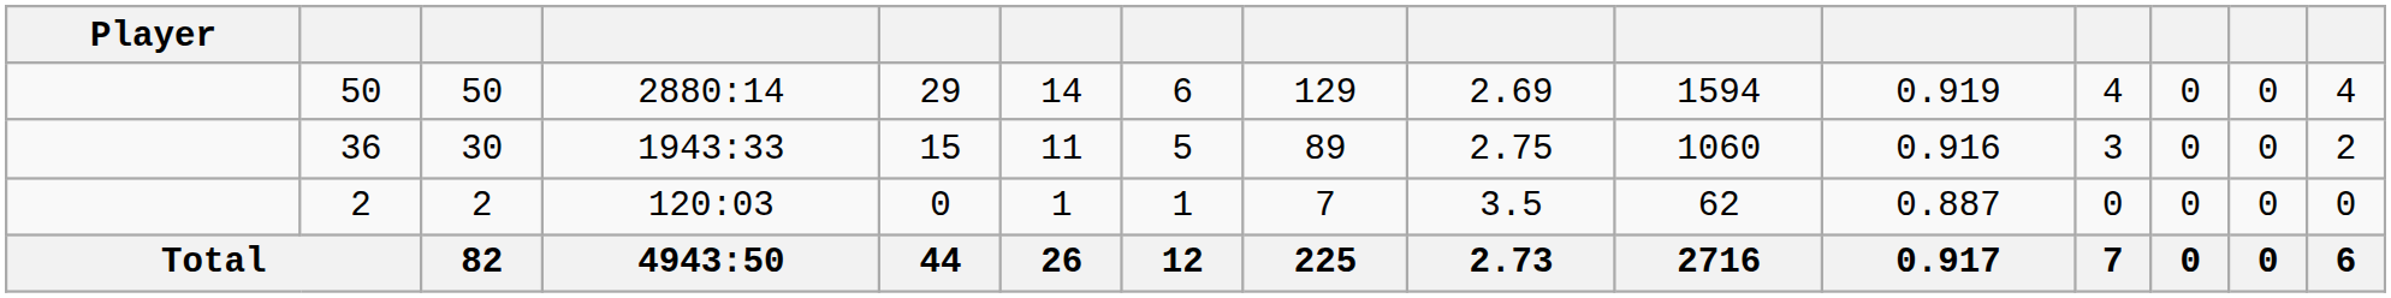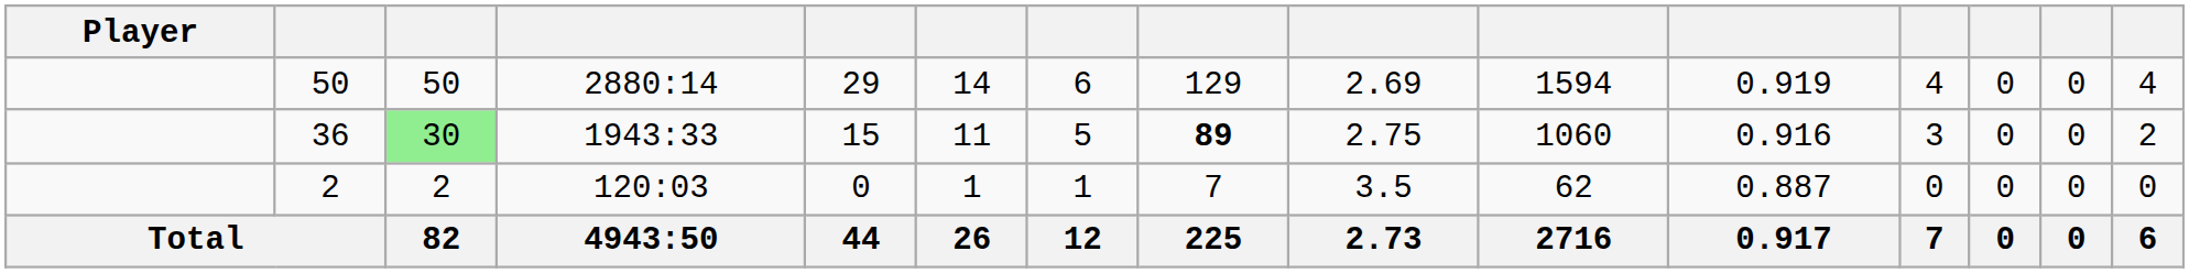 <table class="wikitable sortable" style="width:100%; text-align:center;">
 <tr>
 <th>Player</th>
 <th></th>
 <th></th>
 <th></th>
 <th></th>
 <th></th>
 <th></th>
 <th></th>
 <th></th>
 <th></th>
 <th></th>
 <th></th>
 <th></th>
 <th></th>
 <th></th>
 </tr>
 <tr>
 <td></td>
 <td>50</td>
 <td>50</td>
 <td>2880:14</td>
 <td>29</td>
 <td>14</td>
 <td>6</td>
 <td>129</td>
 <td>2.69</td>
 <td>1594</td>
 <td>0.919</td>
 <td>4</td>
 <td>0</td>
 <td>0</td>
 <td>4</td>
 </tr>
 <tr>
 <td></td>
 <td>36</td>
-<td>30</td>
+<td style="background: lightgreen;">30</td>
 <td>1943:33</td>
 <td>15</td>
 <td>11</td>
 <td>5</td>
-<td>89</td>
+<td><strong>89</strong></td>
 <td>2.75</td>
 <td>1060</td>
 <td>0.916</td>
 <td>3</td>
 <td>0</td>
 <td>0</td>
 <td>2</td>
 </tr>
 <tr>
 <td></td>
 <td>2</td>
 <td>2</td>
 <td>120:03</td>
 <td>0</td>
 <td>1</td>
 <td>1</td>
 <td>7</td>
 <td>3.5</td>
 <td>62</td>
 <td>0.887</td>
 <td>0</td>
 <td>0</td>
 <td>0</td>
 <td>0</td>
 </tr>
 <tr class="sortbottom">
 <th colspan=2>Total</th>
 <th>82</th>
 <th>4943:50</th>
 <th>44</th>
 <th>26</th>
 <th>12</th>
 <th>225</th>
 <th>2.73</th>
 <th>2716</th>
 <th>0.917</th>
 <th>7</th>
 <th>0</th>
 <th>0</th>
 <th>6</th>
 </tr>
 </table>
